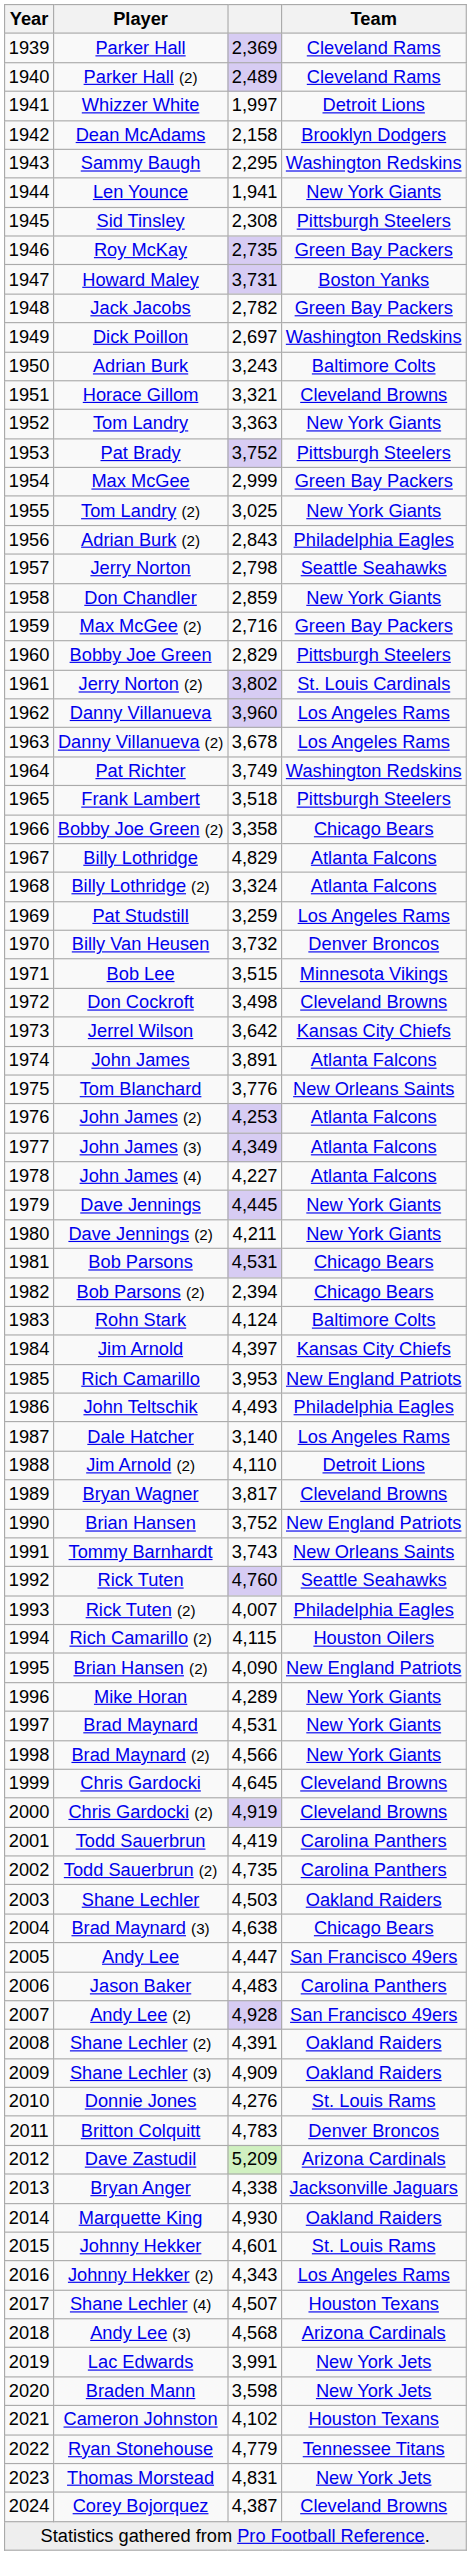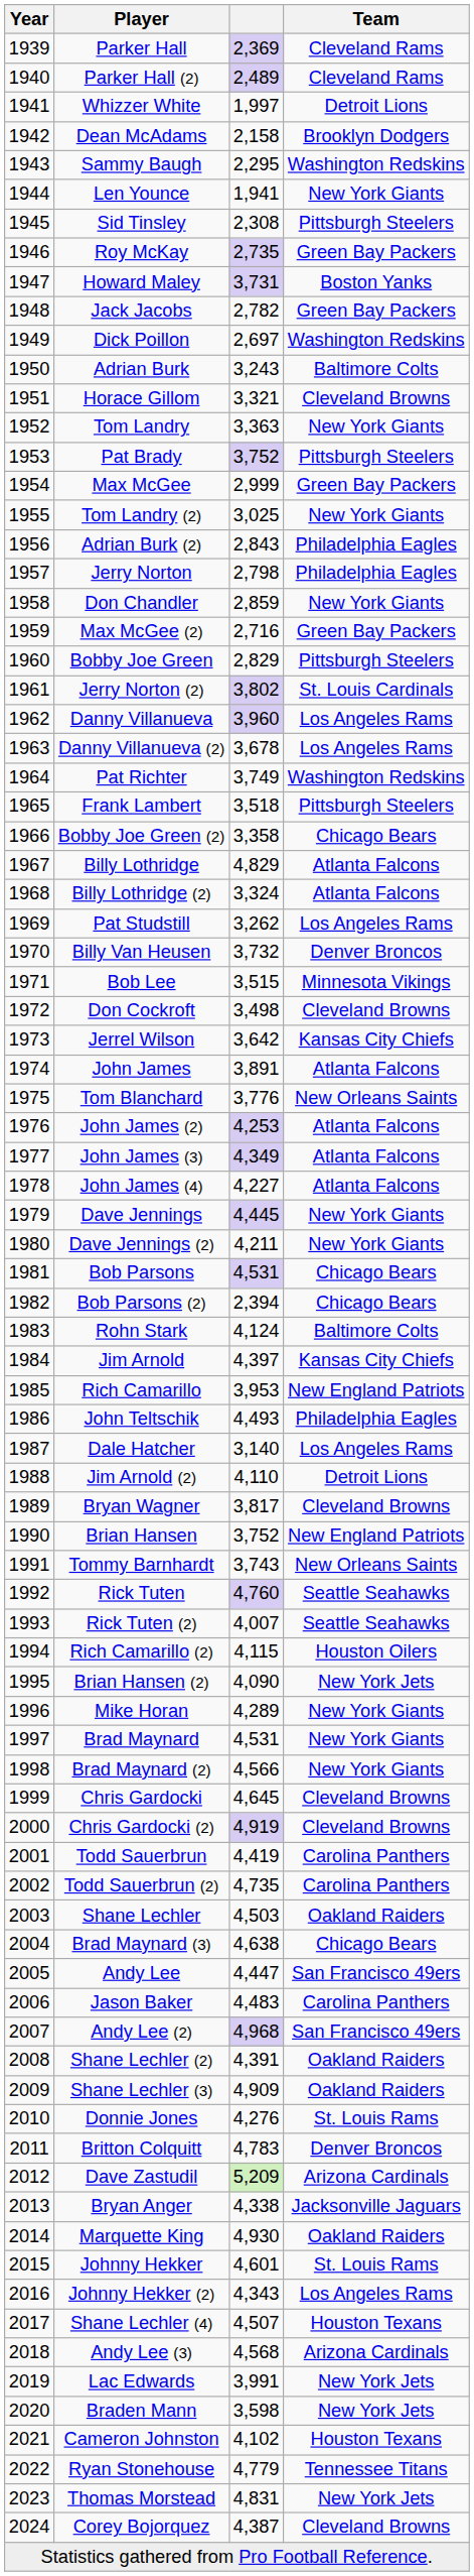 <table class="wikitable sortable" style="text-align:center;">
 <tr>
 <th>Year</th>
 <th>Player</th>
 <th></th>
 <th>Team</th>
 </tr>
 <tr>
 <td>1939</td>
 <td><a href='#'>Parker Hall</a></td>
 <td style="background:#d7ccf3;">2,369</td>
 <td><a href='#'>Cleveland Rams</a></td>
 </tr>
 <tr>
 <td>1940</td>
 <td><a href='#'>Parker Hall</a> <small>(2)</small></td>
 <td style="background:#d7ccf3;">2,489</td>
 <td><a href='#'>Cleveland Rams</a></td>
 </tr>
 <tr>
 <td>1941</td>
 <td><a href='#'>Whizzer White</a></td>
 <td>1,997</td>
 <td><a href='#'>Detroit Lions</a></td>
 </tr>
 <tr>
 <td>1942</td>
 <td><a href='#'>Dean McAdams</a></td>
 <td>2,158</td>
 <td><a href='#'>Brooklyn Dodgers</a></td>
 </tr>
 <tr>
 <td>1943</td>
 <td><a href='#'>Sammy Baugh</a></td>
 <td>2,295</td>
 <td><a href='#'>Washington Redskins</a></td>
 </tr>
 <tr>
 <td>1944</td>
 <td><a href='#'>Len Younce</a></td>
 <td>1,941</td>
 <td><a href='#'>New York Giants</a></td>
 </tr>
 <tr>
 <td>1945</td>
 <td><a href='#'>Sid Tinsley</a></td>
 <td>2,308</td>
 <td><a href='#'>Pittsburgh Steelers</a></td>
 </tr>
 <tr>
 <td>1946</td>
 <td><a href='#'>Roy McKay</a></td>
 <td style="background:#d7ccf3;">2,735</td>
 <td><a href='#'>Green Bay Packers</a></td>
 </tr>
 <tr>
 <td>1947</td>
 <td><a href='#'>Howard Maley</a></td>
 <td style="background:#d7ccf3;">3,731</td>
 <td><a href='#'>Boston Yanks</a></td>
 </tr>
 <tr>
 <td>1948</td>
 <td><a href='#'>Jack Jacobs</a></td>
 <td>2,782</td>
 <td><a href='#'>Green Bay Packers</a></td>
 </tr>
 <tr>
 <td>1949</td>
 <td><a href='#'>Dick Poillon</a></td>
 <td>2,697</td>
 <td><a href='#'>Washington Redskins</a></td>
 </tr>
 <tr>
 <td>1950</td>
 <td><a href='#'>Adrian Burk</a></td>
 <td>3,243</td>
 <td><a href='#'>Baltimore Colts</a></td>
 </tr>
 <tr>
 <td>1951</td>
 <td><a href='#'>Horace Gillom</a></td>
 <td>3,321</td>
 <td><a href='#'>Cleveland Browns</a></td>
 </tr>
 <tr>
 <td>1952</td>
 <td><a href='#'>Tom Landry</a></td>
 <td>3,363</td>
 <td><a href='#'>New York Giants</a></td>
 </tr>
 <tr>
 <td>1953</td>
 <td><a href='#'>Pat Brady</a></td>
 <td style="background:#d7ccf3;">3,752</td>
 <td><a href='#'>Pittsburgh Steelers</a></td>
 </tr>
 <tr>
 <td>1954</td>
 <td><a href='#'>Max McGee</a></td>
 <td>2,999</td>
 <td><a href='#'>Green Bay Packers</a></td>
 </tr>
 <tr>
 <td>1955</td>
 <td><a href='#'>Tom Landry</a> <small>(2)</small></td>
 <td>3,025</td>
 <td><a href='#'>New York Giants</a></td>
 </tr>
 <tr>
 <td>1956</td>
 <td><a href='#'>Adrian Burk</a> <small>(2)</small></td>
 <td>2,843</td>
 <td><a href='#'>Philadelphia Eagles</a></td>
 </tr>
 <tr>
 <td>1957</td>
 <td><a href='#'>Jerry Norton</a></td>
 <td>2,798</td>
-<td><a href='#'>Seattle Seahawks</a></td>
+<td><a href='#'>Philadelphia Eagles</a></td>
 </tr>
 <tr>
 <td>1958</td>
 <td><a href='#'>Don Chandler</a></td>
 <td>2,859</td>
 <td><a href='#'>New York Giants</a></td>
 </tr>
 <tr>
 <td>1959</td>
 <td><a href='#'>Max McGee</a> <small>(2)</small></td>
 <td>2,716</td>
 <td><a href='#'>Green Bay Packers</a></td>
 </tr>
 <tr>
 <td>1960</td>
 <td><a href='#'>Bobby Joe Green</a></td>
 <td>2,829</td>
 <td><a href='#'>Pittsburgh Steelers</a></td>
 </tr>
 <tr>
 <td>1961</td>
 <td><a href='#'>Jerry Norton</a> <small>(2)</small></td>
 <td style="background:#d7ccf3;">3,802</td>
 <td><a href='#'>St. Louis Cardinals</a></td>
 </tr>
 <tr>
 <td>1962</td>
 <td><a href='#'>Danny Villanueva</a></td>
 <td style="background:#d7ccf3;">3,960</td>
 <td><a href='#'>Los Angeles Rams</a></td>
 </tr>
 <tr>
 <td>1963</td>
 <td><a href='#'>Danny Villanueva</a> <small>(2)</small></td>
 <td>3,678</td>
 <td><a href='#'>Los Angeles Rams</a></td>
 </tr>
 <tr>
 <td>1964</td>
 <td><a href='#'>Pat Richter</a></td>
 <td>3,749</td>
 <td><a href='#'>Washington Redskins</a></td>
 </tr>
 <tr>
 <td>1965</td>
 <td><a href='#'>Frank Lambert</a></td>
 <td>3,518</td>
 <td><a href='#'>Pittsburgh Steelers</a></td>
 </tr>
 <tr>
 <td>1966</td>
 <td><a href='#'>Bobby Joe Green</a> <small>(2)</small></td>
 <td>3,358</td>
 <td><a href='#'>Chicago Bears</a></td>
 </tr>
 <tr>
 <td>1967</td>
 <td><a href='#'>Billy Lothridge</a></td>
 <td>4,829</td>
 <td><a href='#'>Atlanta Falcons</a></td>
 </tr>
 <tr>
 <td>1968</td>
 <td><a href='#'>Billy Lothridge</a> <small>(2)</small></td>
 <td>3,324</td>
 <td><a href='#'>Atlanta Falcons</a></td>
 </tr>
 <tr>
 <td>1969</td>
 <td><a href='#'>Pat Studstill</a></td>
-<td>3,259</td>
+<td>3,262</td>
 <td><a href='#'>Los Angeles Rams</a></td>
 </tr>
 <tr>
 <td>1970</td>
 <td><a href='#'>Billy Van Heusen</a></td>
 <td>3,732</td>
 <td><a href='#'>Denver Broncos</a></td>
 </tr>
 <tr>
 <td>1971</td>
 <td><a href='#'>Bob Lee</a></td>
 <td>3,515</td>
 <td><a href='#'>Minnesota Vikings</a></td>
 </tr>
 <tr>
 <td>1972</td>
 <td><a href='#'>Don Cockroft</a></td>
 <td>3,498</td>
 <td><a href='#'>Cleveland Browns</a></td>
 </tr>
 <tr>
 <td>1973</td>
 <td><a href='#'>Jerrel Wilson</a></td>
 <td>3,642</td>
 <td><a href='#'>Kansas City Chiefs</a></td>
 </tr>
 <tr>
 <td>1974</td>
 <td><a href='#'>John James</a></td>
 <td>3,891</td>
 <td><a href='#'>Atlanta Falcons</a></td>
 </tr>
 <tr>
 <td>1975</td>
 <td><a href='#'>Tom Blanchard</a></td>
 <td>3,776</td>
 <td><a href='#'>New Orleans Saints</a></td>
 </tr>
 <tr>
 <td>1976</td>
 <td><a href='#'>John James</a> <small>(2)</small></td>
 <td style="background:#d7ccf3;">4,253</td>
 <td><a href='#'>Atlanta Falcons</a></td>
 </tr>
 <tr>
 <td>1977</td>
 <td><a href='#'>John James</a> <small>(3)</small></td>
 <td style="background:#d7ccf3;">4,349</td>
 <td><a href='#'>Atlanta Falcons</a></td>
 </tr>
 <tr>
 <td>1978</td>
 <td><a href='#'>John James</a> <small>(4)</small></td>
 <td>4,227</td>
 <td><a href='#'>Atlanta Falcons</a></td>
 </tr>
 <tr>
 <td>1979</td>
 <td><a href='#'>Dave Jennings</a></td>
 <td style="background:#d7ccf3;">4,445</td>
 <td><a href='#'>New York Giants</a></td>
 </tr>
 <tr>
 <td>1980</td>
 <td><a href='#'>Dave Jennings</a> <small>(2)</small></td>
 <td>4,211</td>
 <td><a href='#'>New York Giants</a></td>
 </tr>
 <tr>
 <td>1981</td>
 <td><a href='#'>Bob Parsons</a></td>
 <td style="background:#d7ccf3;">4,531</td>
 <td><a href='#'>Chicago Bears</a></td>
 </tr>
 <tr>
 <td>1982</td>
 <td><a href='#'>Bob Parsons</a> <small>(2)</small></td>
 <td>2,394</td>
 <td><a href='#'>Chicago Bears</a></td>
 </tr>
 <tr>
 <td>1983</td>
 <td><a href='#'>Rohn Stark</a></td>
 <td>4,124</td>
 <td><a href='#'>Baltimore Colts</a></td>
 </tr>
 <tr>
 <td>1984</td>
 <td><a href='#'>Jim Arnold</a></td>
 <td>4,397</td>
 <td><a href='#'>Kansas City Chiefs</a></td>
 </tr>
 <tr>
 <td>1985</td>
 <td><a href='#'>Rich Camarillo</a></td>
 <td>3,953</td>
 <td><a href='#'>New England Patriots</a></td>
 </tr>
 <tr>
 <td>1986</td>
 <td><a href='#'>John Teltschik</a></td>
 <td>4,493</td>
 <td><a href='#'>Philadelphia Eagles</a></td>
 </tr>
 <tr>
 <td>1987</td>
 <td><a href='#'>Dale Hatcher</a></td>
 <td>3,140</td>
 <td><a href='#'>Los Angeles Rams</a></td>
 </tr>
 <tr>
 <td>1988</td>
 <td><a href='#'>Jim Arnold</a> <small>(2)</small></td>
 <td>4,110</td>
 <td><a href='#'>Detroit Lions</a></td>
 </tr>
 <tr>
 <td>1989</td>
 <td><a href='#'>Bryan Wagner</a></td>
 <td>3,817</td>
 <td><a href='#'>Cleveland Browns</a></td>
 </tr>
 <tr>
 <td>1990</td>
 <td><a href='#'>Brian Hansen</a></td>
 <td>3,752</td>
 <td><a href='#'>New England Patriots</a></td>
 </tr>
 <tr>
 <td>1991</td>
 <td><a href='#'>Tommy Barnhardt</a></td>
 <td>3,743</td>
 <td><a href='#'>New Orleans Saints</a></td>
 </tr>
 <tr>
 <td>1992</td>
 <td><a href='#'>Rick Tuten</a></td>
 <td style="background:#d7ccf3;">4,760</td>
 <td><a href='#'>Seattle Seahawks</a></td>
 </tr>
 <tr>
 <td>1993</td>
 <td><a href='#'>Rick Tuten</a> <small>(2)</small></td>
 <td>4,007</td>
-<td><a href='#'>Philadelphia Eagles</a></td>
+<td><a href='#'>Seattle Seahawks</a></td>
 </tr>
 <tr>
 <td>1994</td>
 <td><a href='#'>Rich Camarillo</a> <small>(2)</small></td>
 <td>4,115</td>
 <td><a href='#'>Houston Oilers</a></td>
 </tr>
 <tr>
 <td>1995</td>
 <td><a href='#'>Brian Hansen</a> <small>(2)</small></td>
 <td>4,090</td>
-<td><a href='#'>New England Patriots</a></td>
+<td><a href='#'>New York Jets</a></td>
 </tr>
 <tr>
 <td>1996</td>
 <td><a href='#'>Mike Horan</a></td>
 <td>4,289</td>
 <td><a href='#'>New York Giants</a></td>
 </tr>
 <tr>
 <td>1997</td>
 <td><a href='#'>Brad Maynard</a></td>
 <td>4,531</td>
 <td><a href='#'>New York Giants</a></td>
 </tr>
 <tr>
 <td>1998</td>
 <td><a href='#'>Brad Maynard</a> <small>(2)</small></td>
 <td>4,566</td>
 <td><a href='#'>New York Giants</a></td>
 </tr>
 <tr>
 <td>1999</td>
 <td><a href='#'>Chris Gardocki</a></td>
 <td>4,645</td>
 <td><a href='#'>Cleveland Browns</a></td>
 </tr>
 <tr>
 <td>2000</td>
 <td><a href='#'>Chris Gardocki</a> <small>(2)</small></td>
 <td style="background:#d7ccf3;">4,919</td>
 <td><a href='#'>Cleveland Browns</a></td>
 </tr>
 <tr>
 <td>2001</td>
 <td><a href='#'>Todd Sauerbrun</a></td>
 <td>4,419</td>
 <td><a href='#'>Carolina Panthers</a></td>
 </tr>
 <tr>
 <td>2002</td>
 <td><a href='#'>Todd Sauerbrun</a> <small>(2)</small></td>
 <td>4,735</td>
 <td><a href='#'>Carolina Panthers</a></td>
 </tr>
 <tr>
 <td>2003</td>
 <td><a href='#'>Shane Lechler</a></td>
 <td>4,503</td>
 <td><a href='#'>Oakland Raiders</a></td>
 </tr>
 <tr>
 <td>2004</td>
 <td><a href='#'>Brad Maynard</a> <small>(3)</small></td>
 <td>4,638</td>
 <td><a href='#'>Chicago Bears</a></td>
 </tr>
 <tr>
 <td>2005</td>
 <td><a href='#'>Andy Lee</a></td>
 <td>4,447</td>
 <td><a href='#'>San Francisco 49ers</a></td>
 </tr>
 <tr>
 <td>2006</td>
 <td><a href='#'>Jason Baker</a></td>
 <td>4,483</td>
 <td><a href='#'>Carolina Panthers</a></td>
 </tr>
 <tr>
 <td>2007</td>
 <td><a href='#'>Andy Lee</a> <small>(2)</small></td>
-<td style="background:#d7ccf3;">4,928</td>
+<td style="background:#d7ccf3;">4,968</td>
 <td><a href='#'>San Francisco 49ers</a></td>
 </tr>
 <tr>
 <td>2008</td>
 <td><a href='#'>Shane Lechler</a> <small>(2)</small></td>
 <td>4,391</td>
 <td><a href='#'>Oakland Raiders</a></td>
 </tr>
 <tr>
 <td>2009</td>
 <td><a href='#'>Shane Lechler</a> <small>(3)</small></td>
 <td>4,909</td>
 <td><a href='#'>Oakland Raiders</a></td>
 </tr>
 <tr>
 <td>2010</td>
 <td><a href='#'>Donnie Jones</a></td>
 <td>4,276</td>
 <td><a href='#'>St. Louis Rams</a></td>
 </tr>
 <tr>
 <td>2011</td>
 <td><a href='#'>Britton Colquitt</a></td>
 <td>4,783</td>
 <td><a href='#'>Denver Broncos</a></td>
 </tr>
 <tr>
 <td>2012</td>
 <td><a href='#'>Dave Zastudil</a></td>
 <td style="background:#d0f0c0;">5,209</td>
 <td><a href='#'>Arizona Cardinals</a></td>
 </tr>
 <tr>
 <td>2013</td>
 <td><a href='#'>Bryan Anger</a></td>
 <td>4,338</td>
 <td><a href='#'>Jacksonville Jaguars</a></td>
 </tr>
 <tr>
 <td>2014</td>
 <td><a href='#'>Marquette King</a></td>
 <td>4,930</td>
 <td><a href='#'>Oakland Raiders</a></td>
 </tr>
 <tr>
 <td>2015</td>
 <td><a href='#'>Johnny Hekker</a></td>
 <td>4,601</td>
 <td><a href='#'>St. Louis Rams</a></td>
 </tr>
 <tr>
 <td>2016</td>
 <td><a href='#'>Johnny Hekker</a> <small>(2)</small></td>
 <td>4,343</td>
 <td><a href='#'>Los Angeles Rams</a></td>
 </tr>
 <tr>
 <td>2017</td>
 <td><a href='#'>Shane Lechler</a> <small>(4)</small></td>
 <td>4,507</td>
 <td><a href='#'>Houston Texans</a></td>
 </tr>
 <tr>
 <td>2018</td>
 <td><a href='#'>Andy Lee</a> <small>(3)</small></td>
 <td>4,568</td>
 <td><a href='#'>Arizona Cardinals</a></td>
 </tr>
 <tr>
 <td>2019</td>
 <td><a href='#'>Lac Edwards</a></td>
 <td>3,991</td>
 <td><a href='#'>New York Jets</a></td>
 </tr>
 <tr>
 <td>2020</td>
 <td><a href='#'>Braden Mann</a></td>
 <td>3,598</td>
 <td><a href='#'>New York Jets</a></td>
 </tr>
 <tr>
 <td>2021</td>
 <td><a href='#'>Cameron Johnston</a></td>
 <td>4,102</td>
 <td><a href='#'>Houston Texans</a></td>
 </tr>
 <tr>
 <td>2022</td>
 <td><a href='#'>Ryan Stonehouse</a></td>
 <td>4,779</td>
 <td><a href='#'>Tennessee Titans</a></td>
 </tr>
 <tr>
 <td>2023</td>
 <td><a href='#'>Thomas Morstead</a></td>
 <td>4,831</td>
 <td><a href='#'>New York Jets</a></td>
 </tr>
 <tr>
 <td>2024</td>
 <td><a href='#'>Corey Bojorquez</a></td>
 <td>4,387</td>
 <td><a href='#'>Cleveland Browns</a></td>
 </tr>
 <tr class="sortbottom" style="background:#eee;">
 <td style="text-align:center;" colspan="4">Statistics gathered from <a href='#'>Pro Football Reference</a>.</td>
 </tr>
 </table>
